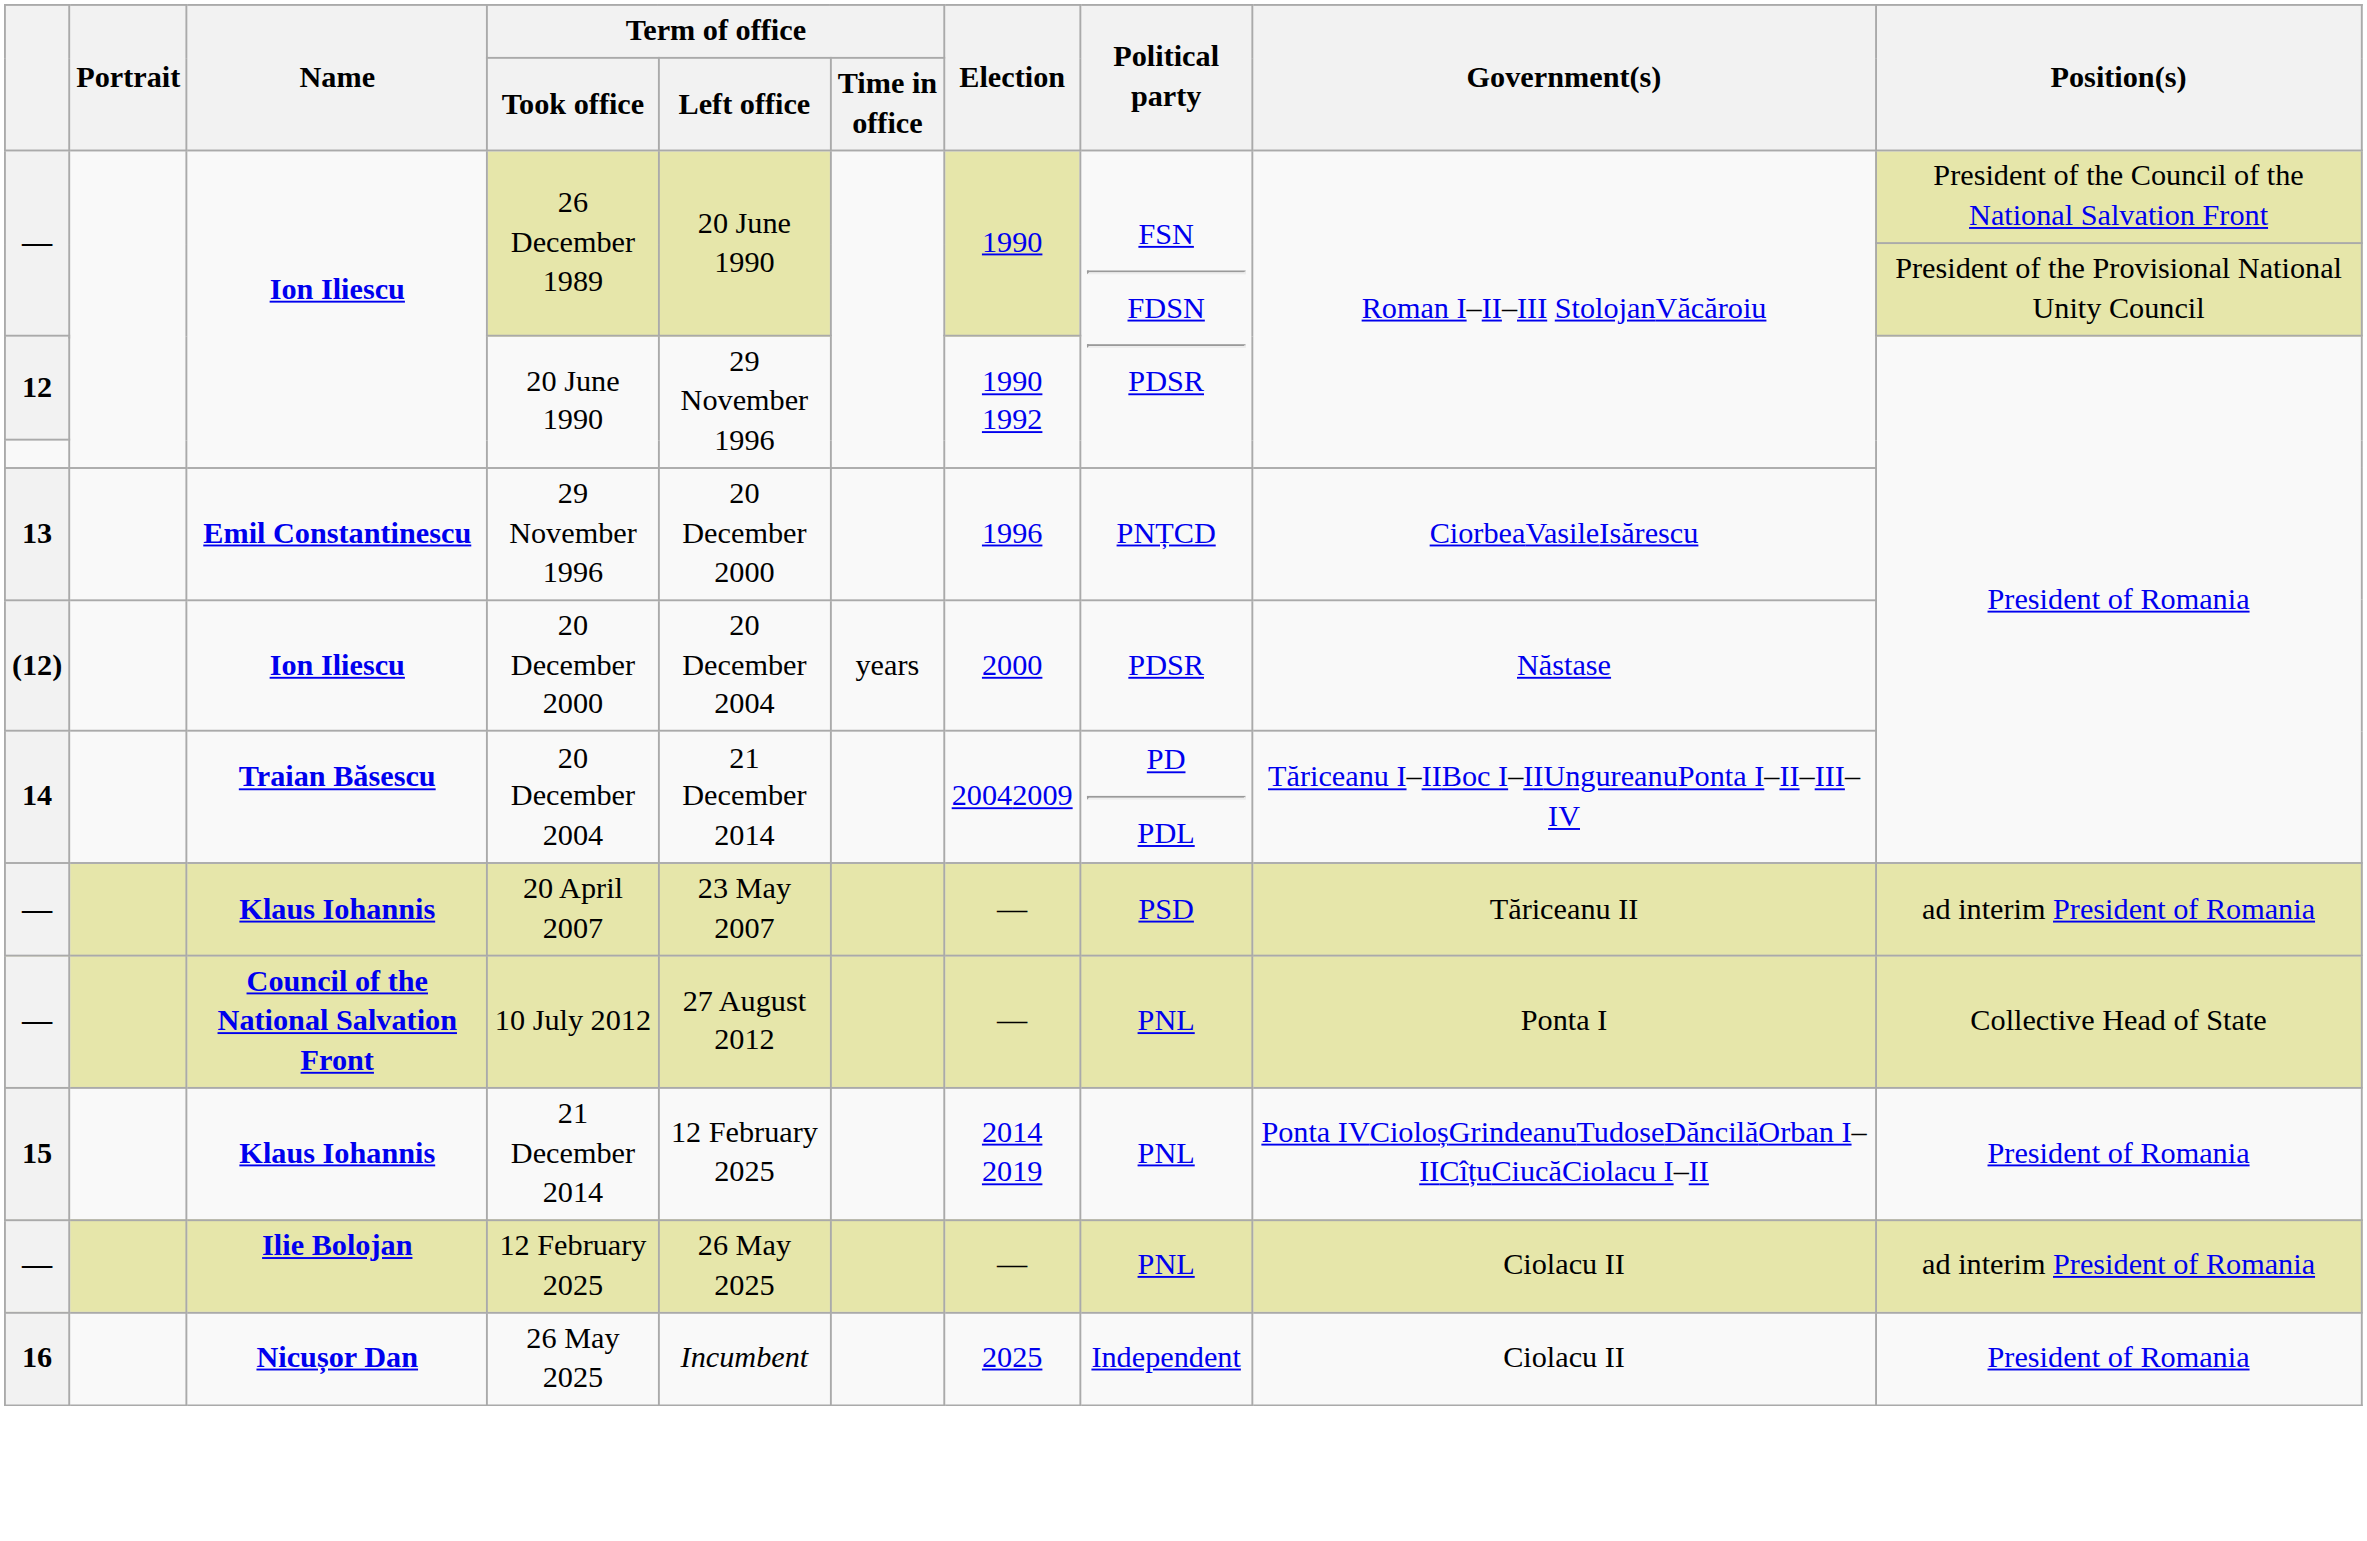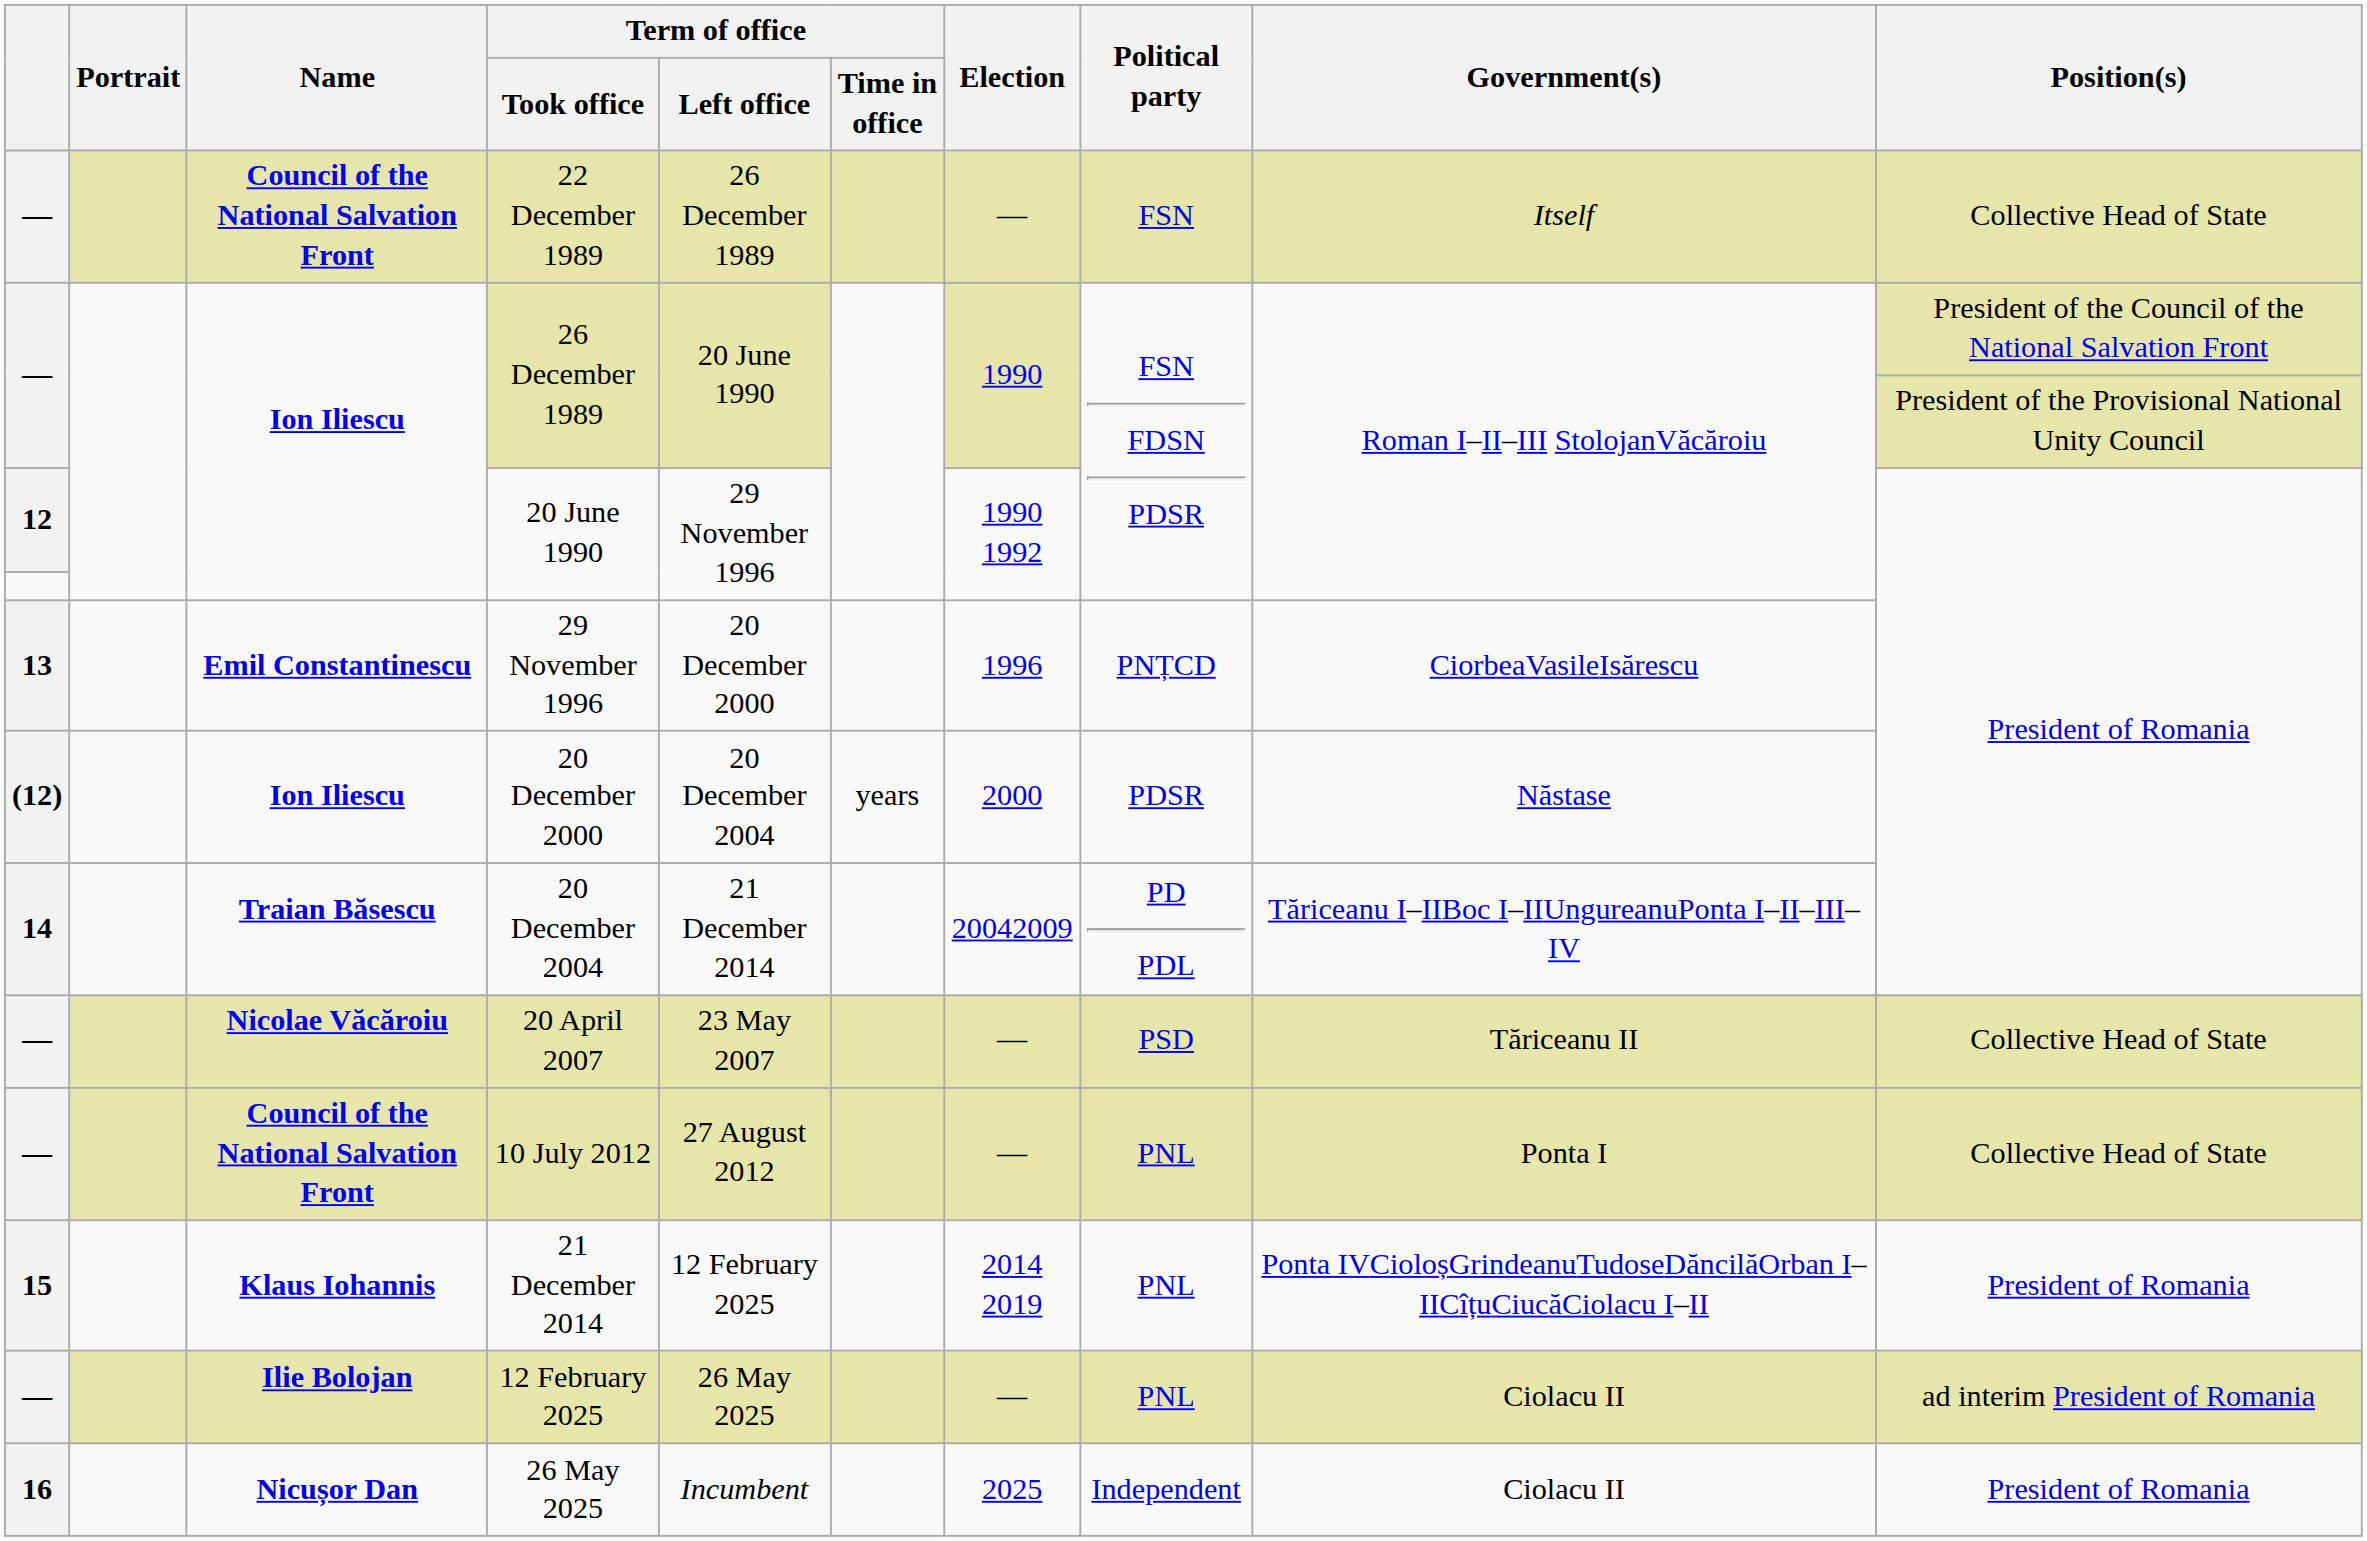 <table class="wikitable" style="text-align:center; line-height:130%;">
 <tr>
 <th rowspan="2"></th>
 <th rowspan="2">Portrait</th>
 <th rowspan="2">Name<br></th>
 <th colspan="3">Term of office</th>
 <th rowspan="2">Election</th>
 <th rowspan="2">Political party</th>
 <th rowspan="2">Government(s)</th>
 <th rowspan="2" style="width:250px">Position(s)</th>
 </tr>
 <tr>
 <th>Took office</th>
 <th>Left office</th>
 <th>Time in office</th>
+</tr>
+<tr style="background:#e6e6aa;">
+<th style="background:">—</th>
+<td></td>
+<td><strong><a href='#'>Council of the National Salvation Front</a></strong></td>
+<td>22 December 1989</td>
+<td>26 December 1989</td>
+<td></td>
+<td>—</td>
+<td><a href='#'>FSN</a></td>
+<td><em>Itself</em></td>
+<td>Collective Head of State</td>
 </tr>
 <tr>
 <th rowspan=3 style="background:">—</th>
 <td rowspan=5></td>
 <td rowspan=5><strong><a href='#'>Ion Iliescu</a></strong><br><br></td>
 <td rowspan=2 style="background:#e6e6aa;">26 December 1989</td>
 <td rowspan=2 style="background:#e6e6aa;">20 June 1990</td>
 <td rowspan=5></td>
 <td style="background:#e6e6aa;" rowspan=2><a href='#'> 1990</a></td>
 <td rowspan=5><a href='#'>FSN</a><br><hr><a href='#'>FDSN</a><br><hr><a href='#'>PDSR</a><br></td>
 <td rowspan=5><a href='#'>Roman I</a>–<a href='#'>II</a>–<a href='#'>III</a> <a href='#'>Stolojan</a><a href='#'>Văcăroiu</a></td>
 <td style="background:#e6e6aa;">President of the Council of the <a href='#'>National Salvation Front</a></td>
 </tr>
 <tr>
 <td style="background:#e6e6aa;">President of the Provisional National Unity Council</td>
 </tr>
 <tr>
 <td rowspan=3>20 June 1990</td>
 <td rowspan=3>29 November 1996</td>
 <td rowspan=3><a href='#'> 1990</a><br><a href='#'>1992</a></td>
 <td rowspan=6><a href='#'>President of Romania</a></td>
 </tr>
 <tr>
 <th style="background:">12</th>
 </tr>
 <tr>
 <td style="background:"></td>
 </tr>
 <tr>
 <th style="background:">13</th>
 <td></td>
 <td><strong><a href='#'>Emil Constantinescu</a></strong><br></td>
 <td>29 November 1996</td>
 <td>20 December 2000</td>
 <td></td>
 <td><a href='#'>1996</a></td>
 <td><a href='#'>PNȚCD</a></td>
 <td><a href='#'>Ciorbea</a><a href='#'>Vasile</a><a href='#'>Isărescu</a></td>
 </tr>
 <tr>
 <th style="background:">(12)</th>
 <td></td>
 <td><strong><a href='#'>Ion Iliescu</a></strong><br></td>
 <td>20 December 2000</td>
 <td>20 December 2004</td>
 <td> years</td>
 <td><a href='#'>2000</a></td>
 <td><a href='#'>PDSR</a></td>
 <td><a href='#'>Năstase</a></td>
 </tr>
 <tr>
 <th style="background:">14</th>
 <td></td>
 <td><strong><a href='#'>Traian Băsescu</a></strong><br><br></td>
 <td>20 December 2004</td>
 <td>21 December 2014</td>
 <td></td>
 <td><a href='#'>2004</a><a href='#'>2009</a></td>
 <td><a href='#'>PD</a> <hr><a href='#'>PDL</a><br></td>
 <td><a href='#'>Tăriceanu I</a>–<a href='#'>II</a><a href='#'>Boc I</a>–<a href='#'>II</a><a href='#'>Ungureanu</a><a href='#'>Ponta I</a>–<a href='#'>II</a>–<a href='#'>III</a>–<a href='#'>IV</a></td>
 </tr>
 <tr style="background:#e6e6aa;">
 <th style="background:">—</th>
 <td></td>
-<td><strong><a href='#'>Klaus Iohannis</a></strong><br></td>
+<td><strong><a href='#'>Nicolae Văcăroiu</a></strong><br><br></td>
 <td>20 April 2007</td>
 <td>23 May 2007</td>
 <td></td>
 <td>—</td>
 <td><a href='#'>PSD</a></td>
 <td>Tăriceanu II</td>
-<td>ad interim <a href='#'>President of Romania</a><br></td>
+<td>Collective Head of State</td>
 </tr>
 <tr style="background:#e6e6aa;">
 <th style="background:">—</th>
 <td></td>
 <td><strong><a href='#'>Council of the National Salvation Front</a></strong></td>
 <td>10 July 2012</td>
 <td>27 August 2012</td>
 <td></td>
 <td>—</td>
 <td><a href='#'>PNL</a></td>
 <td>Ponta I</td>
 <td>Collective Head of State</td>
 </tr>
 <tr>
 <th style="background:">15</th>
 <td></td>
 <td><strong><a href='#'>Klaus Iohannis</a></strong><br></td>
 <td>21 December 2014</td>
 <td>12 February 2025</td>
 <td></td>
 <td><a href='#'>2014</a><br><a href='#'>2019</a></td>
 <td><a href='#'>PNL</a></td>
 <td><a href='#'>Ponta IV</a><a href='#'>Cioloș</a><a href='#'>Grindeanu</a><a href='#'>Tudose</a><a href='#'>Dăncilă</a><a href='#'>Orban I</a>–<a href='#'>II</a><a href='#'>Cîțu</a><a href='#'>Ciucă</a><a href='#'>Ciolacu I</a>–<a href='#'>II</a></td>
 <td><a href='#'>President of Romania</a></td>
 </tr>
 <tr style="background:#e6e6aa;">
 <th style="background:">—</th>
 <td></td>
 <td><strong><a href='#'>Ilie Bolojan</a></strong><br><br></td>
 <td>12 February 2025</td>
 <td>26 May 2025</td>
 <td></td>
 <td>—</td>
 <td><a href='#'>PNL</a></td>
 <td>Ciolacu II</td>
 <td>ad interim <a href='#'>President of Romania</a><br></td>
 </tr>
 <tr>
 <th style="background:">16</th>
 <td></td>
 <td><strong><a href='#'>Nicușor Dan</a></strong><br></td>
 <td>26 May 2025</td>
 <td><em>Incumbent</em></td>
 <td></td>
 <td><a href='#'>2025</a></td>
 <td><a href='#'>Independent</a></td>
 <td>Ciolacu II</td>
 <td><a href='#'>President of Romania</a></td>
 </tr>
 </table>
